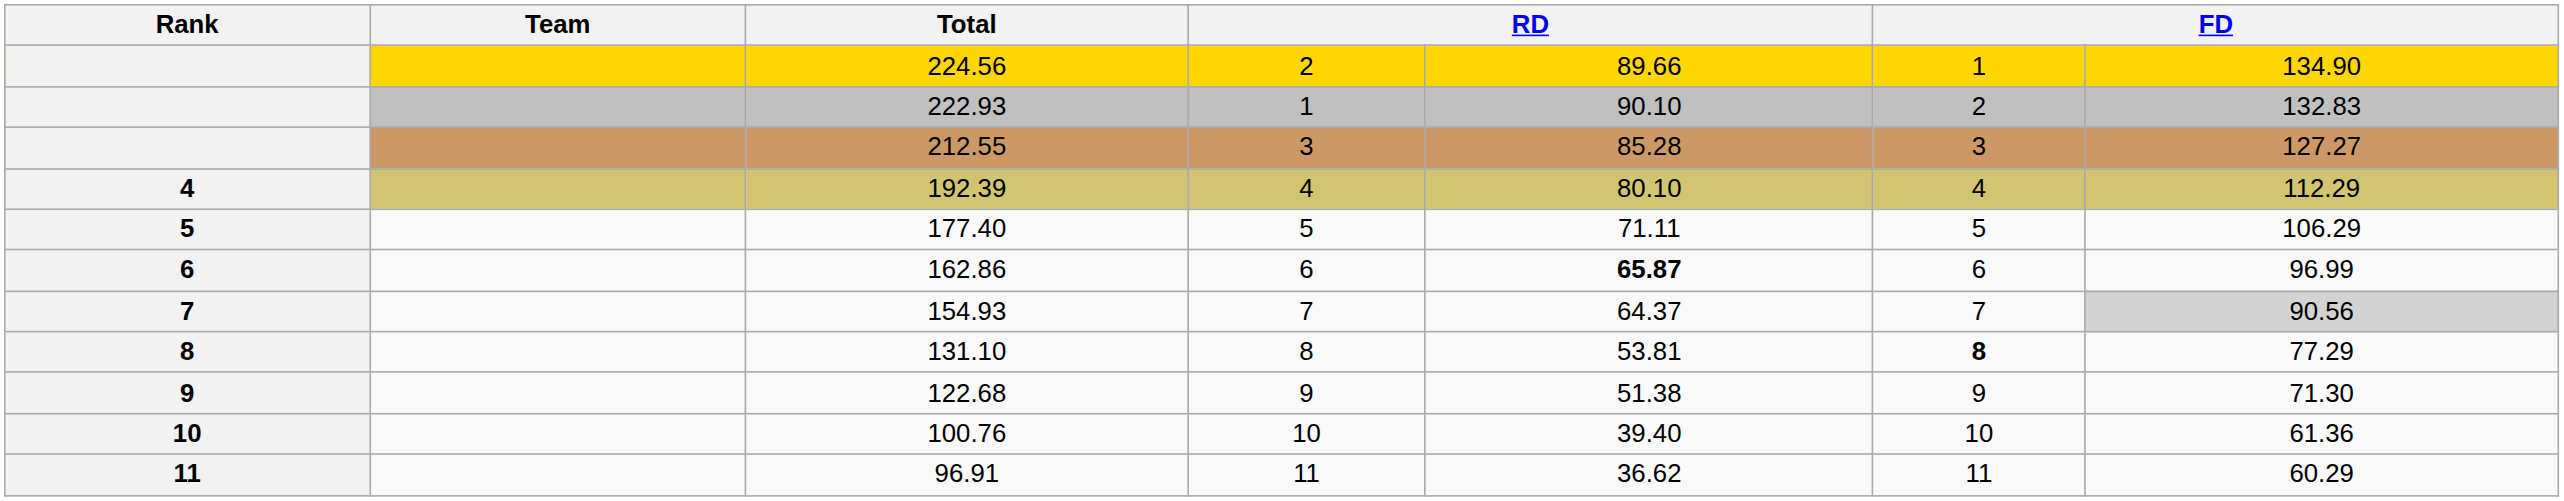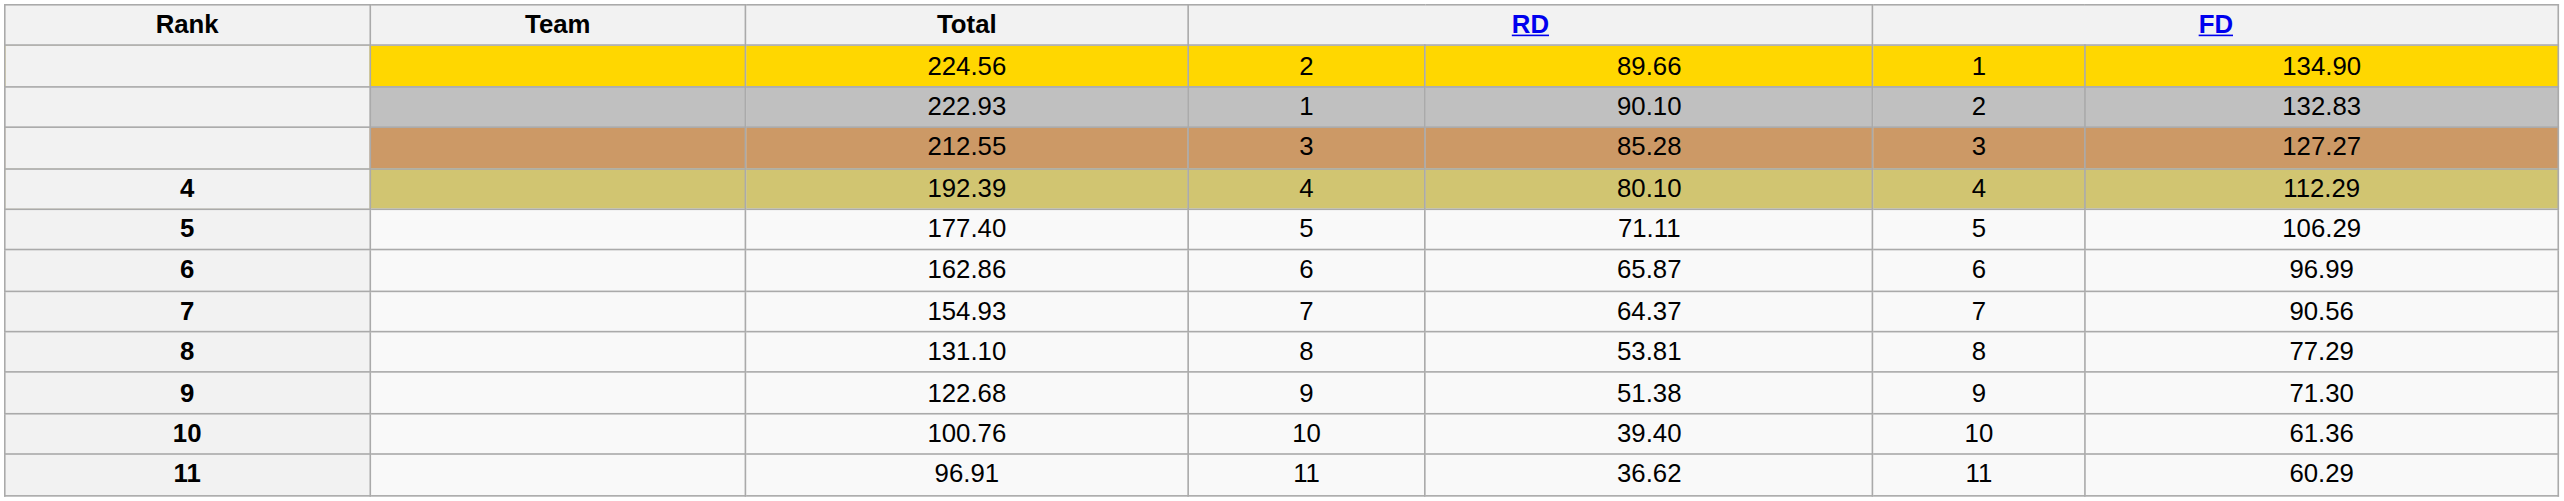 <table class="wikitable sortable" style="text-align:left; width:80%">
 <tr>
 <th scope="col">Rank</th>
 <th scope="col">Team</th>
 <th scope="col">Total</th>
 <th scope="col" colspan="2" width="80px"><a href='#'>RD</a></th>
 <th scope="col" colspan="2" width="80px"><a href='#'>FD</a></th>
 </tr>
 <tr bgcolor="gold">
 <th scope="row"></th>
 <td></td>
 <td align="center">224.56</td>
 <td align="center">2</td>
 <td align="center">89.66</td>
 <td align="center">1</td>
 <td align="center">134.90</td>
 </tr>
 <tr bgcolor="silver">
 <th scope="row"></th>
 <td></td>
 <td align="center">222.93</td>
 <td align="center">1</td>
 <td align="center">90.10</td>
 <td align="center">2</td>
 <td align="center">132.83</td>
 </tr>
 <tr bgcolor="cc9966">
 <th scope="row"></th>
 <td></td>
 <td align="center">212.55</td>
 <td align="center">3</td>
 <td align="center">85.28</td>
 <td align="center">3</td>
 <td align="center">127.27</td>
 </tr>
 <tr bgcolor="#d1c571">
 <th scope="row">4</th>
 <td></td>
 <td align="center">192.39</td>
 <td align="center">4</td>
 <td align="center">80.10</td>
 <td align="center">4</td>
 <td align="center">112.29</td>
 </tr>
 <tr>
 <th scope="row">5</th>
 <td></td>
 <td align="center">177.40</td>
 <td align="center">5</td>
 <td align="center">71.11</td>
 <td align="center">5</td>
 <td align="center">106.29</td>
 </tr>
 <tr>
 <th scope="row">6</th>
 <td></td>
 <td align="center">162.86</td>
 <td align="center">6</td>
-<td align="center"><strong>65.87</strong></td>
+<td align="center">65.87</td>
 <td align="center">6</td>
 <td align="center">96.99</td>
 </tr>
 <tr>
 <th scope="row">7</th>
 <td></td>
 <td align="center">154.93</td>
 <td align="center">7</td>
 <td align="center">64.37</td>
 <td align="center">7</td>
-<td align="center" style="background: lightgrey;">90.56</td>
+<td align="center">90.56</td>
 </tr>
 <tr>
 <th scope="row">8</th>
 <td></td>
 <td align="center">131.10</td>
 <td align="center">8</td>
 <td align="center">53.81</td>
-<td align="center"><strong>8</strong></td>
+<td align="center">8</td>
 <td align="center">77.29</td>
 </tr>
 <tr>
 <th scope="row">9</th>
 <td></td>
 <td align="center">122.68</td>
 <td align="center">9</td>
 <td align="center">51.38</td>
 <td align="center">9</td>
 <td align="center">71.30</td>
 </tr>
 <tr>
 <th scope="row">10</th>
 <td></td>
 <td align="center">100.76</td>
 <td align="center">10</td>
 <td align="center">39.40</td>
 <td align="center">10</td>
 <td align="center">61.36</td>
 </tr>
 <tr>
 <th scope="row">11</th>
 <td></td>
 <td align="center">96.91</td>
 <td align="center">11</td>
 <td align="center">36.62</td>
 <td align="center">11</td>
 <td align="center">60.29</td>
 </tr>
 </table>
